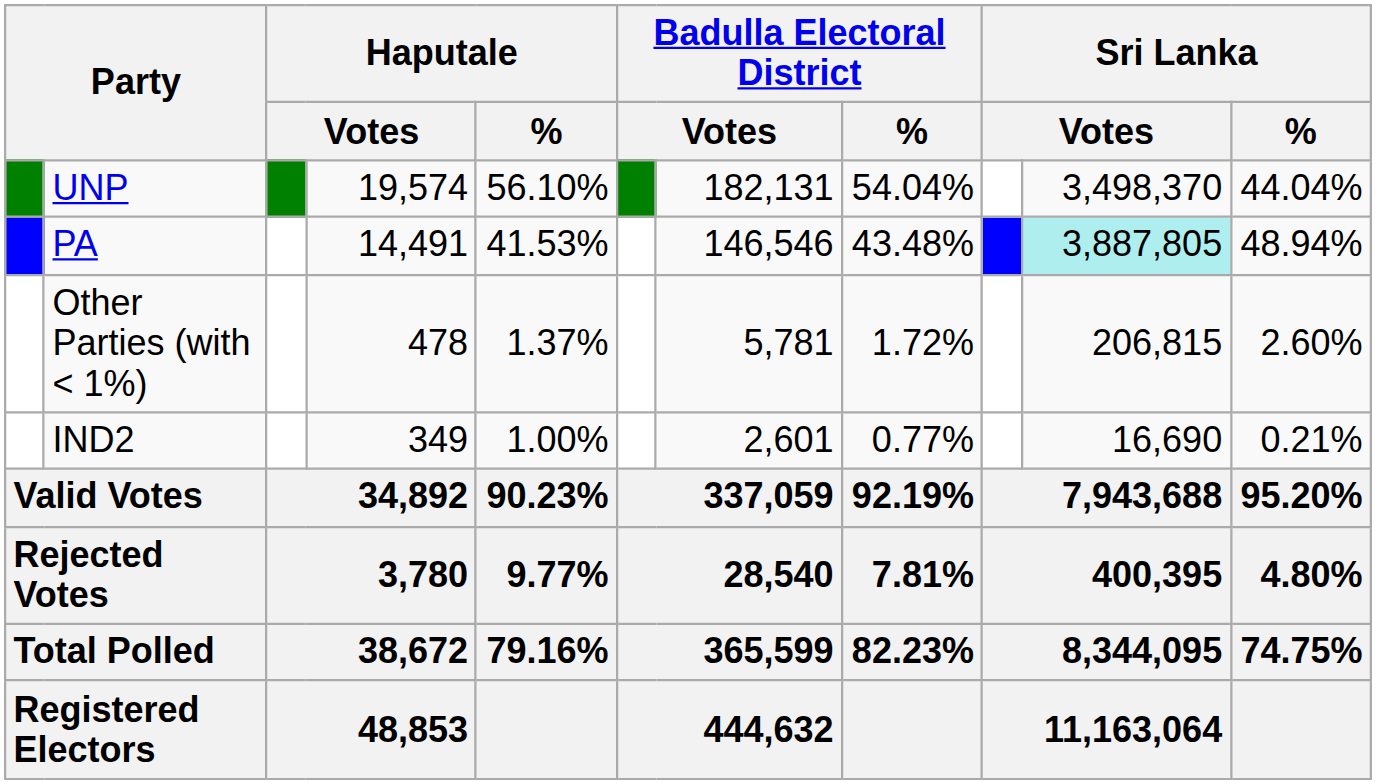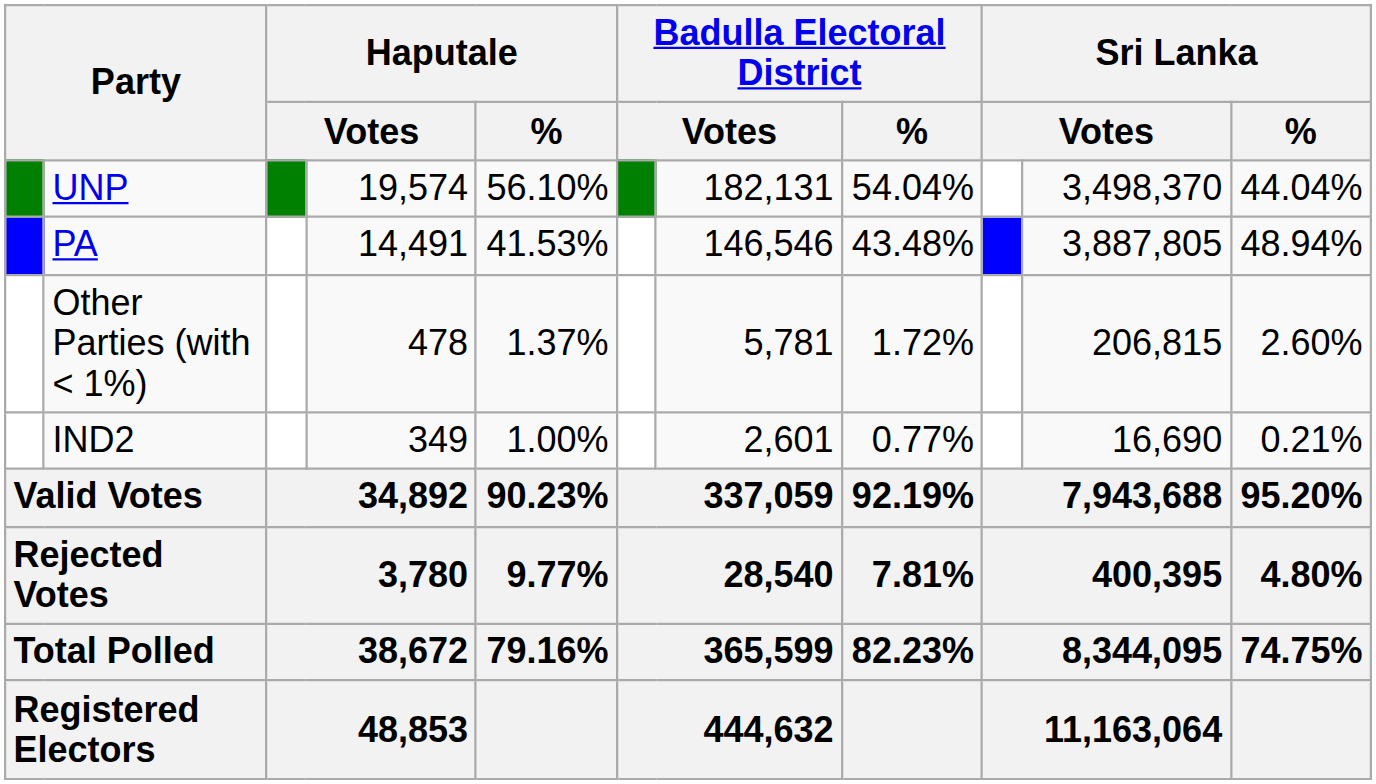 <table class="wikitable">
 <tr>
 <th colspan="2" width="144px"rowspan="2">Party</th>
 <th colspan="3" width="216px">Haputale</th>
 <th colspan="3" width="216px"><a href='#'>Badulla Electoral District</a></th>
 <th colspan="3" width="216px">Sri Lanka</th>
 </tr>
 <tr>
 <th colspan="2" width="144px">Votes</th>
 <th>%</th>
 <th colspan="2" width="144px">Votes</th>
 <th>%</th>
 <th colspan="2" width="144px">Votes</th>
 <th>%</th>
 </tr>
 <tr>
 <td style="background-color:green;" width="10px"></td>
 <td style="text-align:left;"><a href='#'>UNP</a></td>
 <td style="background-color:green;" width="10px"></td>
 <td style="text-align:right;">19,574</td>
 <td style="text-align:right;">56.10%</td>
 <td style="background-color:green;" width="10px"></td>
 <td style="text-align:right;">182,131</td>
 <td style="text-align:right;">54.04%</td>
 <td style="background-color:white;" width="10px"></td>
 <td style="text-align:right;">3,498,370</td>
 <td style="text-align:right;">44.04%</td>
 </tr>
 <tr>
 <td style="background-color:blue;" width="10px"></td>
 <td style="text-align:left;"><a href='#'>PA</a></td>
 <td style="background-color:white;" width="10px"></td>
 <td style="text-align:right;">14,491</td>
 <td style="text-align:right;">41.53%</td>
 <td style="background-color:white;" width="10px"></td>
 <td style="text-align:right;">146,546</td>
 <td style="text-align:right;">43.48%</td>
 <td style="background-color:blue;" width="10px"></td>
-<td style="background: paleturquoise; text-align:right;">3,887,805</td>
+<td style="text-align:right;">3,887,805</td>
 <td style="text-align:right;">48.94%</td>
 </tr>
 <tr>
 <td style="background-color:white;" width="10px"></td>
 <td style="text-align:left;">Other Parties (with < 1%)</td>
 <td style="background-color:white;" width="10px"></td>
 <td style="text-align:right;">478</td>
 <td style="text-align:right;">1.37%</td>
 <td style="background-color:white;" width="10px"></td>
 <td style="text-align:right;">5,781</td>
 <td style="text-align:right;">1.72%</td>
 <td style="background-color:white;" width="10px"></td>
 <td style="text-align:right;">206,815</td>
 <td style="text-align:right;">2.60%</td>
 </tr>
 <tr>
 <td style="background-color:white;" width="10px"></td>
 <td style="text-align:left;">IND2</td>
 <td style="background-color:white;" width="10px"></td>
 <td style="text-align:right;">349</td>
 <td style="text-align:right;">1.00%</td>
 <td style="background-color:white;" width="10px"></td>
 <td style="text-align:right;">2,601</td>
 <td style="text-align:right;">0.77%</td>
 <td style="background-color:white;" width="10px"></td>
 <td style="text-align:right;">16,690</td>
 <td style="text-align:right;">0.21%</td>
 </tr>
 <tr>
 <th colspan="2" width="144px"style="text-align:left;">Valid Votes</th>
 <th style="text-align:right;"colspan="2" width="144px">34,892</th>
 <th style="text-align:right;">90.23%</th>
 <th style="text-align:right;"colspan="2" width="144px">337,059</th>
 <th style="text-align:right;">92.19%</th>
 <th style="text-align:right;"colspan="2" width="144px">7,943,688</th>
 <th style="text-align:right;">95.20%</th>
 </tr>
 <tr>
 <th colspan="2" width="144px"style="text-align:left;">Rejected Votes</th>
 <th style="text-align:right;"colspan="2" width="144px">3,780</th>
 <th style="text-align:right;">9.77%</th>
 <th style="text-align:right;"colspan="2" width="144px">28,540</th>
 <th style="text-align:right;">7.81%</th>
 <th style="text-align:right;"colspan="2" width="144px">400,395</th>
 <th style="text-align:right;">4.80%</th>
 </tr>
 <tr>
 <th colspan="2" width="144px"style="text-align:left;">Total Polled</th>
 <th style="text-align:right;"colspan="2" width="144px">38,672</th>
 <th style="text-align:right;">79.16%</th>
 <th style="text-align:right;"colspan="2" width="144px">365,599</th>
 <th style="text-align:right;">82.23%</th>
 <th style="text-align:right;"colspan="2" width="144px">8,344,095</th>
 <th style="text-align:right;">74.75%</th>
 </tr>
 <tr>
 <th colspan="2" width="144px"style="text-align:left;">Registered Electors</th>
 <th style="text-align:right;"colspan="2" width="144px">48,853</th>
 <th></th>
 <th style="text-align:right;"colspan="2" width="144px">444,632</th>
 <th></th>
 <th style="text-align:right;"colspan="2" width="144px">11,163,064</th>
 <th></th>
 </tr>
 </table>
